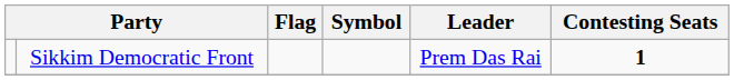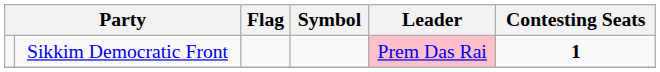 <table class="wikitable" width="60%" style="text-align:center">
 <tr>
 <th colspan="2">Party</th>
 <th>Flag</th>
 <th>Symbol</th>
 <th>Leader</th>
 <th>Contesting Seats</th>
 </tr>
 <tr>
 <td></td>
 <td><a href='#'>Sikkim Democratic Front</a></td>
 <td></td>
 <td></td>
-<td><a href='#'>Prem Das Rai</a></td>
+<td style="background: pink;"><a href='#'>Prem Das Rai</a></td>
 <td><strong>1</strong></td>
 </tr>
 <tr>
 </tr>
 </table>
